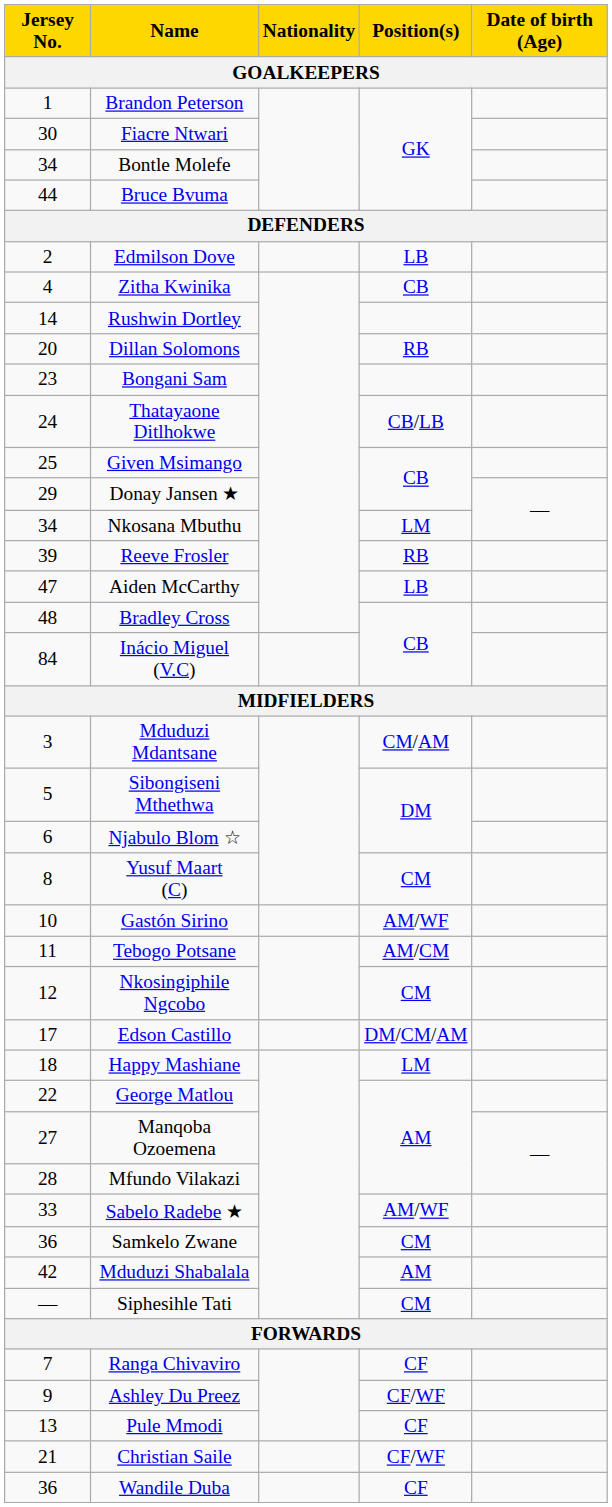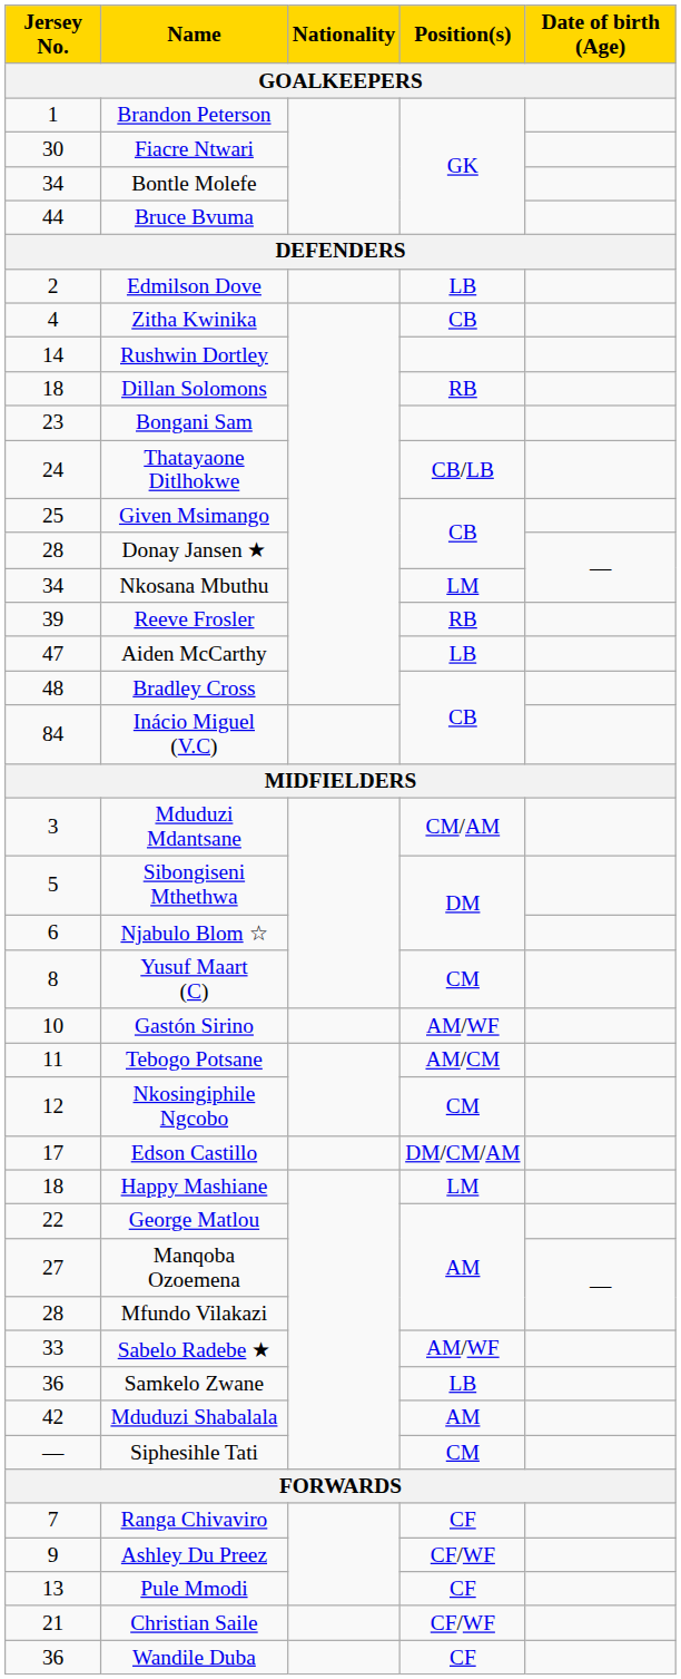 <table class="wikitable" style="text-align:center; width:80%;">
 <tr>
 <th style="background:#FFD700; color:black; text-align:center;">Jersey  No.</th>
 <th style="background:#FFD700; color:black; text-align:center;">Name</th>
 <th style="background:#FFD700; color:black; text-align:center;">Nationality</th>
 <th style="background:#FFD700; color:black; text-align:center;">Position(s)</th>
 <th style="background:#FFD700; color:black; text-align:center;">Date of birth (Age)</th>
 </tr>
 <tr>
 <th colspan="5">GOALKEEPERS</th>
 </tr>
 <tr>
 <td>1</td>
 <td><a href='#'>Brandon Peterson</a></td>
 <td rowspan="4"></td>
 <td rowspan="4"><a href='#'>GK</a></td>
 <td></td>
 </tr>
 <tr>
 <td>30</td>
 <td><a href='#'>Fiacre Ntwari</a></td>
 <td></td>
 </tr>
 <tr>
 <td>34</td>
 <td>Bontle Molefe</td>
 <td></td>
 </tr>
 <tr>
 <td>44</td>
 <td><a href='#'>Bruce Bvuma</a></td>
 <td></td>
 </tr>
 <tr>
 <th colspan="5">DEFENDERS</th>
 </tr>
 <tr>
 <td>2</td>
 <td><a href='#'>Edmilson Dove</a></td>
 <td></td>
 <td><a href='#'>LB</a></td>
 <td></td>
 </tr>
 <tr>
 <td>4</td>
 <td><a href='#'>Zitha Kwinika</a></td>
 <td rowspan="11"></td>
 <td><a href='#'>CB</a></td>
 <td></td>
 </tr>
 <tr>
 <td>14</td>
 <td><a href='#'>Rushwin Dortley</a></td>
 <td></td>
 <td></td>
 </tr>
 <tr>
-<td>20</td>
+<td>18</td>
 <td><a href='#'>Dillan Solomons</a></td>
 <td><a href='#'>RB</a></td>
 <td></td>
 </tr>
 <tr>
 <td>23</td>
 <td><a href='#'>Bongani Sam</a></td>
 <td></td>
 <td></td>
 </tr>
 <tr>
 <td>24</td>
 <td><a href='#'>Thatayaone Ditlhokwe</a></td>
 <td><a href='#'>CB</a>/<a href='#'>LB</a></td>
 <td></td>
 </tr>
 <tr>
 <td>25</td>
 <td><a href='#'>Given Msimango</a></td>
 <td rowspan="2"><a href='#'>CB</a></td>
 <td></td>
 </tr>
 <tr>
-<td>29</td>
+<td>28</td>
 <td>Donay Jansen ★</td>
 <td rowspan="2">—</td>
 </tr>
 <tr>
 <td>34</td>
 <td>Nkosana Mbuthu</td>
 <td><a href='#'>LM</a></td>
 </tr>
 <tr>
 <td>39</td>
 <td><a href='#'>Reeve Frosler</a></td>
 <td><a href='#'>RB</a></td>
 <td></td>
 </tr>
 <tr>
 <td>47</td>
 <td>Aiden McCarthy</td>
 <td><a href='#'>LB</a></td>
 <td></td>
 </tr>
 <tr>
 <td>48</td>
 <td><a href='#'>Bradley Cross</a></td>
 <td rowspan="2"><a href='#'>CB</a></td>
 <td></td>
 </tr>
 <tr>
 <td>84</td>
 <td><a href='#'>Inácio Miguel</a><br>(<a href='#'>V.C</a>)</td>
 <td></td>
 <td></td>
 </tr>
 <tr>
 <th colspan="5">MIDFIELDERS</th>
 </tr>
 <tr>
 <td>3</td>
 <td><a href='#'>Mduduzi Mdantsane</a></td>
 <td rowspan="4"></td>
 <td><a href='#'>CM</a>/<a href='#'>AM</a></td>
 <td></td>
 </tr>
 <tr>
 <td>5</td>
 <td><a href='#'>Sibongiseni Mthethwa</a></td>
 <td rowspan="2"><a href='#'>DM</a></td>
 <td></td>
 </tr>
 <tr>
 <td>6</td>
 <td><a href='#'>Njabulo Blom</a> ☆</td>
 <td></td>
 </tr>
 <tr>
 <td>8</td>
 <td><a href='#'>Yusuf Maart</a><br>(<a href='#'>C</a>)</td>
 <td><a href='#'>CM</a></td>
 <td></td>
 </tr>
 <tr>
 <td>10</td>
 <td><a href='#'>Gastón Sirino</a></td>
 <td> </td>
 <td><a href='#'>AM</a>/<a href='#'>WF</a></td>
 <td></td>
 </tr>
 <tr>
 <td>11</td>
 <td><a href='#'>Tebogo Potsane</a></td>
 <td rowspan="2"></td>
 <td><a href='#'>AM</a>/<a href='#'>CM</a></td>
 <td></td>
 </tr>
 <tr>
 <td>12</td>
 <td><a href='#'>Nkosingiphile Ngcobo</a></td>
 <td><a href='#'>CM</a></td>
 <td></td>
 </tr>
 <tr>
 <td>17</td>
 <td><a href='#'>Edson Castillo</a></td>
 <td></td>
 <td><a href='#'>DM</a>/<a href='#'>CM</a>/<a href='#'>AM</a></td>
 <td></td>
 </tr>
 <tr>
 <td>18</td>
 <td><a href='#'>Happy Mashiane</a></td>
 <td rowspan="8"></td>
 <td><a href='#'>LM</a></td>
 <td></td>
 </tr>
 <tr>
 <td>22</td>
 <td><a href='#'>George Matlou</a></td>
 <td rowspan="3"><a href='#'>AM</a></td>
 <td></td>
 </tr>
 <tr>
 <td>27</td>
 <td>Manqoba Ozoemena</td>
 <td rowspan="2">—</td>
 </tr>
 <tr>
 <td>28</td>
 <td>Mfundo Vilakazi</td>
 </tr>
 <tr>
 <td>33</td>
 <td><a href='#'>Sabelo Radebe</a> ★</td>
 <td><a href='#'>AM</a>/<a href='#'>WF</a></td>
 <td></td>
 </tr>
 <tr>
 <td>36</td>
 <td>Samkelo Zwane</td>
-<td><a href='#'>CM</a></td>
+<td><a href='#'>LB</a></td>
 <td></td>
 </tr>
 <tr>
 <td>42</td>
 <td><a href='#'>Mduduzi Shabalala</a></td>
 <td><a href='#'>AM</a></td>
 <td></td>
 </tr>
 <tr>
 <td>—</td>
 <td>Siphesihle Tati</td>
 <td><a href='#'>CM</a></td>
 <td></td>
 </tr>
 <tr>
 <th colspan="5">FORWARDS</th>
 </tr>
 <tr>
 <td>7</td>
 <td><a href='#'>Ranga Chivaviro</a></td>
 <td rowspan="3"></td>
 <td><a href='#'>CF</a></td>
 <td></td>
 </tr>
 <tr>
 <td>9</td>
 <td><a href='#'>Ashley Du Preez</a></td>
 <td><a href='#'>CF</a>/<a href='#'>WF</a></td>
 <td></td>
 </tr>
 <tr>
 <td>13</td>
 <td><a href='#'>Pule Mmodi</a></td>
 <td><a href='#'>CF</a></td>
 <td></td>
 </tr>
 <tr>
 <td>21</td>
 <td><a href='#'>Christian Saile</a></td>
 <td></td>
 <td><a href='#'>CF</a>/<a href='#'>WF</a></td>
 <td></td>
 </tr>
 <tr>
 <td>36</td>
 <td><a href='#'>Wandile Duba</a></td>
 <td></td>
 <td><a href='#'>CF</a></td>
 <td></td>
 </tr>
 </table>
